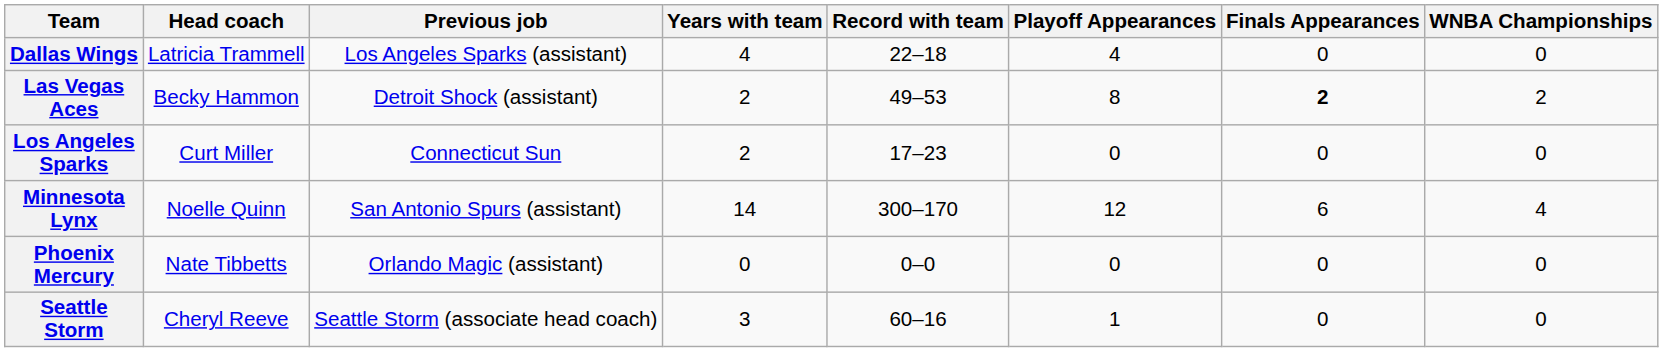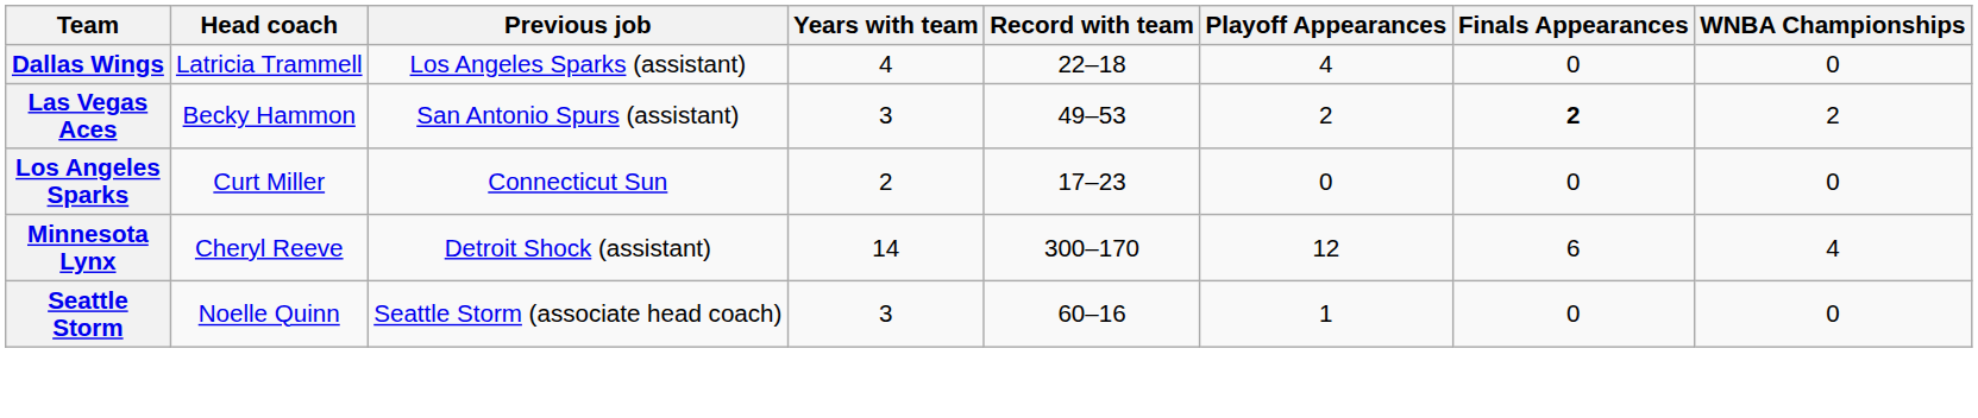 <table class="wikitable sortable" style="text-align: center;font-size:90%;">
 <tr>
 <th width="90">Team</th>
 <th>Head coach</th>
 <th>Previous job</th>
 <th>Years with team</th>
 <th>Record with team</th>
 <th>Playoff Appearances</th>
 <th>Finals Appearances</th>
 <th>WNBA Championships</th>
 </tr>
 <tr>
 <th><a href='#'><span>Dallas Wings</span></a></th>
 <td><a href='#'>Latricia Trammell</a></td>
 <td><a href='#'>Los Angeles Sparks</a> (assistant)</td>
 <td>4</td>
 <td>22–18</td>
 <td>4</td>
 <td>0</td>
 <td>0</td>
 </tr>
 <tr>
 <th><a href='#'><span>Las Vegas Aces</span></a></th>
 <td><a href='#'>Becky Hammon</a></td>
-<td><a href='#'>Detroit Shock</a> (assistant)</td>
+<td><a href='#'>San Antonio Spurs</a> (assistant)</td>
+<td>3</td>
+<td>49–53</td>
 <td>2</td>
-<td>49–53</td>
-<td>8</td>
 <td><strong>2</strong></td>
 <td>2</td>
 </tr>
 <tr>
 <th><a href='#'><span>Los Angeles Sparks</span></a></th>
 <td><a href='#'>Curt Miller</a></td>
 <td><a href='#'>Connecticut Sun</a></td>
 <td>2</td>
 <td>17–23</td>
 <td>0</td>
 <td>0</td>
 <td>0</td>
 </tr>
 <tr>
 <th><a href='#'><span>Minnesota Lynx</span></a></th>
-<td><a href='#'>Noelle Quinn</a></td>
-<td><a href='#'>San Antonio Spurs</a> (assistant)</td>
+<td><a href='#'>Cheryl Reeve</a></td>
+<td><a href='#'>Detroit Shock</a> (assistant)</td>
 <td>14</td>
 <td>300–170</td>
 <td>12</td>
 <td>6</td>
 <td>4</td>
 </tr>
 <tr>
-<th><a href='#'><span>Phoenix Mercury</span></a></th>
-<td><a href='#'>Nate Tibbetts</a></td>
-<td><a href='#'>Orlando Magic</a> (assistant)</td>
-<td>0</td>
-<td>0–0</td>
-<td>0</td>
-<td>0</td>
-<td>0</td>
-</tr>
-<tr>
 <th><a href='#'><span>Seattle Storm</span></a></th>
-<td><a href='#'>Cheryl Reeve</a></td>
+<td><a href='#'>Noelle Quinn</a></td>
 <td><a href='#'>Seattle Storm</a> (associate head coach)</td>
 <td>3</td>
 <td>60–16</td>
 <td>1</td>
 <td>0</td>
 <td>0</td>
 </tr>
 </table>
